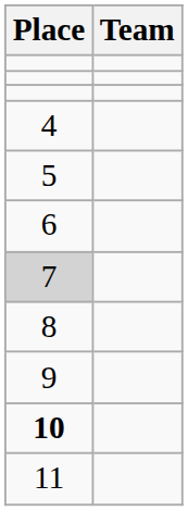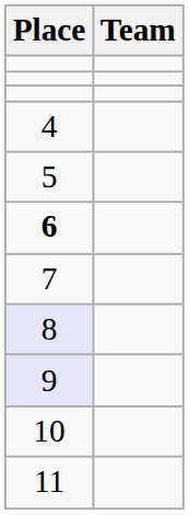 <table class="wikitable">
 <tr>
 <th scope="col">Place</th>
 <th scope="col">Team</th>
 </tr>
 <tr>
 <td align=center></td>
 <td></td>
 </tr>
 <tr>
 <td align=center></td>
 <td></td>
 </tr>
 <tr>
 <td align=center></td>
 <td></td>
 </tr>
 <tr>
 <td align=center>4</td>
 <td></td>
 </tr>
 <tr>
 <td align=center>5</td>
 <td></td>
 </tr>
 <tr>
-<td align=center>6</td>
+<td align=center><strong>6</strong></td>
 <td></td>
 </tr>
 <tr>
-<td align=center style="background: lightgrey;">7</td>
+<td align=center>7</td>
 <td></td>
 </tr>
 <tr>
-<td align=center>8</td>
+<td align=center style="background: lavender;">8</td>
 <td></td>
 </tr>
 <tr>
-<td align=center>9</td>
+<td align=center style="background: lavender;">9</td>
 <td></td>
 </tr>
 <tr>
-<td align=center><strong>10</strong></td>
+<td align=center>10</td>
 <td></td>
 </tr>
 <tr>
 <td align=center>11</td>
 <td></td>
 </tr>
 </table>
